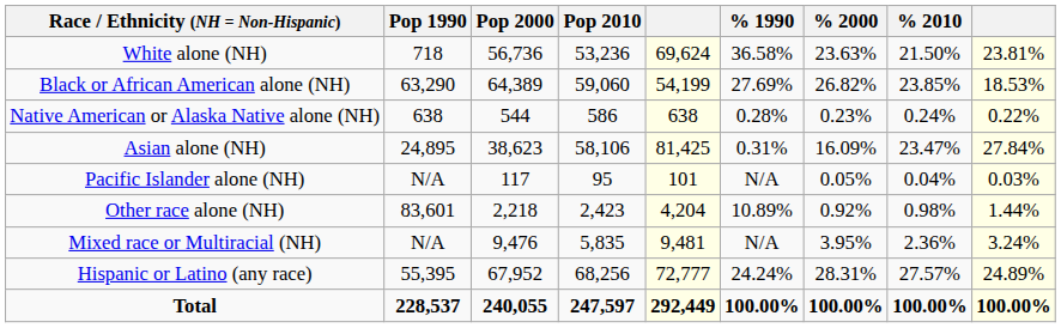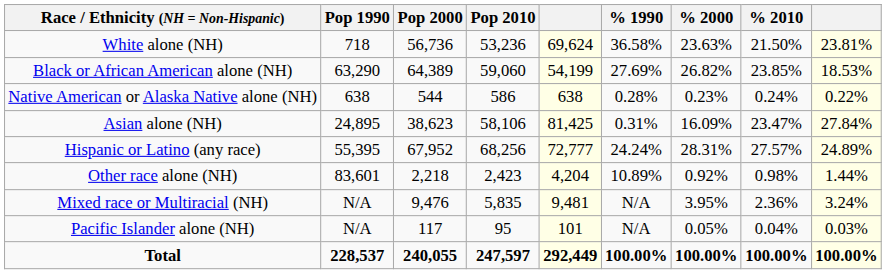 <table class="wikitable" style="text-align:center;">
 <tr>
 <th>Race / Ethnicity <small>(<em>NH = Non-Hispanic</em>)</small></th>
 <th>Pop 1990</th>
 <th>Pop 2000</th>
 <th>Pop 2010</th>
 <th></th>
 <th>% 1990</th>
 <th>% 2000</th>
 <th>% 2010</th>
 <th></th>
 </tr>
 <tr>
 <td><a href='#'>White</a> alone (NH)</td>
 <td>718</td>
 <td>56,736</td>
 <td>53,236</td>
 <td style='background: #ffffe6;'>69,624</td>
 <td>36.58%</td>
 <td>23.63%</td>
 <td>21.50%</td>
 <td style='background: #ffffe6;'>23.81%</td>
 </tr>
 <tr>
 <td><a href='#'>Black or African American</a> alone (NH)</td>
 <td>63,290</td>
 <td>64,389</td>
 <td>59,060</td>
 <td style='background: #ffffe6;'>54,199</td>
 <td>27.69%</td>
 <td>26.82%</td>
 <td>23.85%</td>
 <td style='background: #ffffe6;'>18.53%</td>
 </tr>
 <tr>
 <td><a href='#'>Native American</a> or <a href='#'>Alaska Native</a> alone (NH)</td>
 <td>638</td>
 <td>544</td>
 <td>586</td>
 <td style='background: #ffffe6;'>638</td>
 <td>0.28%</td>
 <td>0.23%</td>
 <td>0.24%</td>
 <td style='background: #ffffe6;'>0.22%</td>
 </tr>
 <tr>
 <td><a href='#'>Asian</a> alone (NH)</td>
 <td>24,895</td>
 <td>38,623</td>
 <td>58,106</td>
 <td style='background: #ffffe6;'>81,425</td>
 <td>0.31%</td>
 <td>16.09%</td>
 <td>23.47%</td>
 <td style='background: #ffffe6;'>27.84%</td>
 </tr>
 <tr>
-<td><a href='#'>Pacific Islander</a> alone (NH)</td>
-<td>N/A</td>
-<td>117</td>
-<td>95</td>
-<td style='background: #ffffe6;'>101</td>
-<td>N/A</td>
-<td>0.05%</td>
-<td>0.04%</td>
-<td style='background: #ffffe6;'>0.03%</td>
+<td><a href='#'>Hispanic or Latino</a> (any race)</td>
+<td>55,395</td>
+<td>67,952</td>
+<td>68,256</td>
+<td style='background: #ffffe6;'>72,777</td>
+<td>24.24%</td>
+<td>28.31%</td>
+<td>27.57%</td>
+<td style='background: #ffffe6;'>24.89%</td>
 </tr>
 <tr>
 <td><a href='#'>Other race</a> alone (NH)</td>
 <td>83,601</td>
 <td>2,218</td>
 <td>2,423</td>
 <td style='background: #ffffe6;'>4,204</td>
 <td>10.89%</td>
 <td>0.92%</td>
 <td>0.98%</td>
 <td style='background: #ffffe6;'>1.44%</td>
 </tr>
 <tr>
 <td><a href='#'>Mixed race or Multiracial</a> (NH)</td>
 <td>N/A</td>
 <td>9,476</td>
 <td>5,835</td>
 <td style='background: #ffffe6;'>9,481</td>
 <td>N/A</td>
 <td>3.95%</td>
 <td>2.36%</td>
 <td style='background: #ffffe6;'>3.24%</td>
 </tr>
 <tr>
-<td><a href='#'>Hispanic or Latino</a> (any race)</td>
-<td>55,395</td>
-<td>67,952</td>
-<td>68,256</td>
-<td style='background: #ffffe6;'>72,777</td>
-<td>24.24%</td>
-<td>28.31%</td>
-<td>27.57%</td>
-<td style='background: #ffffe6;'>24.89%</td>
+<td><a href='#'>Pacific Islander</a> alone (NH)</td>
+<td>N/A</td>
+<td>117</td>
+<td>95</td>
+<td style='background: #ffffe6;'>101</td>
+<td>N/A</td>
+<td>0.05%</td>
+<td>0.04%</td>
+<td style='background: #ffffe6;'>0.03%</td>
 </tr>
 <tr>
 <td><strong>Total</strong></td>
 <td><strong>228,537</strong></td>
 <td><strong>240,055</strong></td>
 <td><strong>247,597</strong></td>
 <td style='background: #ffffe6;'><strong>292,449</strong></td>
 <td><strong>100.00%</strong></td>
 <td><strong>100.00%</strong></td>
 <td><strong>100.00%</strong></td>
 <td style='background: #ffffe6;'><strong>100.00%</strong></td>
 </tr>
 </table>
